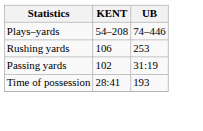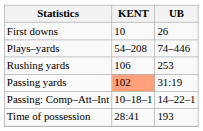 <table class="wikitable" style="float: left;">
 <tr>
 <th>Statistics</th>
 <th>KENT</th>
 <th>UB</th>
+</tr>
+<tr>
+<td>First downs</td>
+<td>10</td>
+<td>26</td>
 </tr>
 <tr>
 <td>Plays–yards</td>
 <td>54–208</td>
 <td>74–446</td>
 </tr>
 <tr>
 <td>Rushing yards</td>
 <td>106</td>
 <td>253</td>
 </tr>
 <tr>
 <td>Passing yards</td>
-<td>102</td>
+<td style="background: lightsalmon;">102</td>
 <td>31:19</td>
+</tr>
+<tr>
+<td>Passing: Comp–Att–Int</td>
+<td>10–18–1</td>
+<td>14–22–1</td>
 </tr>
 <tr>
 <td>Time of possession</td>
 <td>28:41</td>
 <td>193</td>
 </tr>
 <tr>
 </tr>
 </table>
